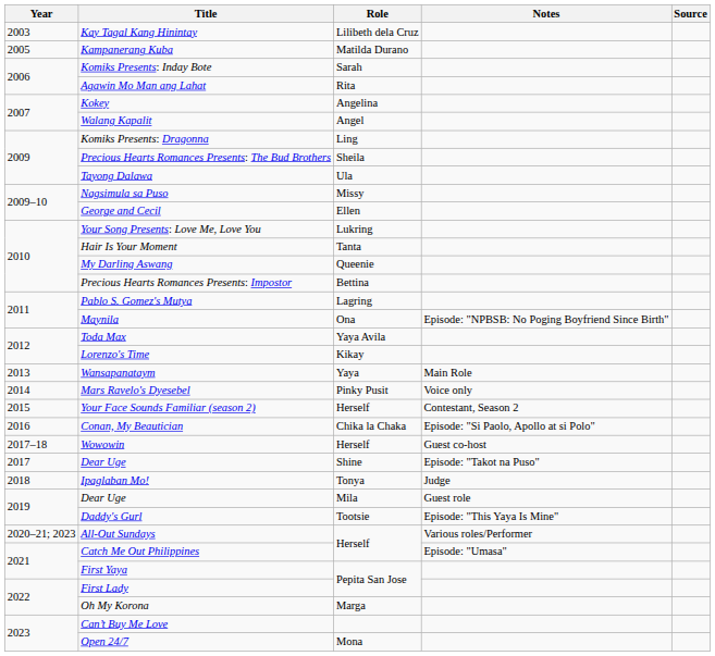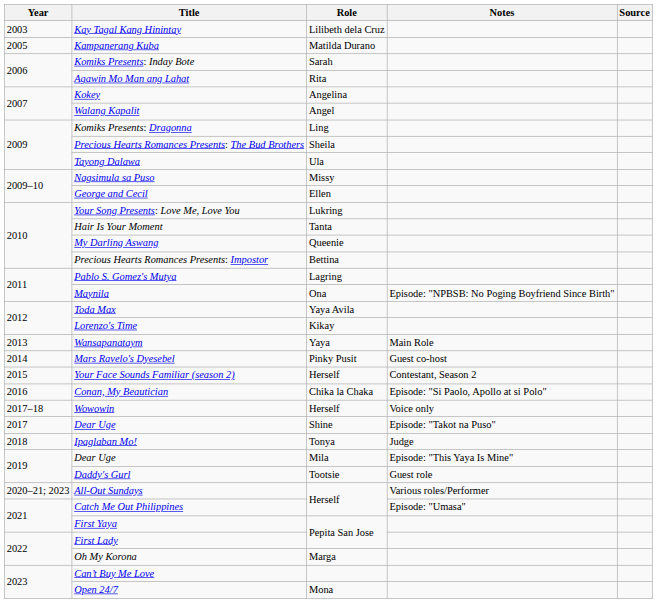 <table class="wikitable sortable" >
 <tr>
 <th>Year</th>
 <th>Title</th>
 <th>Role</th>
 <th class="unsortable">Notes </th>
 <th class="unsortable">Source </th>
 </tr>
 <tr>
 <td>2003</td>
 <td><em><a href='#'>Kay Tagal Kang Hinintay</a></em></td>
 <td>Lilibeth dela Cruz</td>
 <td></td>
 <td></td>
 </tr>
 <tr>
 <td>2005</td>
 <td><em><a href='#'>Kampanerang Kuba</a></em></td>
 <td>Matilda Durano</td>
 <td></td>
 <td></td>
 </tr>
 <tr>
 <td rowspan="2">2006</td>
 <td><em><a href='#'>Komiks Presents</a></em>: <em>Inday Bote</em></td>
 <td>Sarah</td>
 <td></td>
 <td></td>
 </tr>
 <tr>
 <td><em><a href='#'>Agawin Mo Man ang Lahat</a></em></td>
 <td>Rita</td>
 <td></td>
 <td></td>
 </tr>
 <tr>
 <td rowspan="2">2007</td>
 <td><em><a href='#'>Kokey</a></em></td>
 <td>Angelina</td>
 <td></td>
 <td></td>
 </tr>
 <tr>
 <td><em><a href='#'>Walang Kapalit</a></em></td>
 <td>Angel</td>
 <td></td>
 <td></td>
 </tr>
 <tr>
 <td rowspan="3">2009</td>
 <td><em>Komiks Presents</em>: <em><a href='#'>Dragonna</a></em></td>
 <td>Ling</td>
 <td></td>
 <td></td>
 </tr>
 <tr>
 <td><em><a href='#'>Precious Hearts Romances Presents</a></em>: <em><a href='#'>The Bud Brothers</a></em></td>
 <td>Sheila</td>
 <td></td>
 <td></td>
 </tr>
 <tr>
 <td><em><a href='#'>Tayong Dalawa</a></em></td>
 <td>Ula</td>
 <td></td>
 <td></td>
 </tr>
 <tr>
 <td rowspan="2">2009–10</td>
 <td><em><a href='#'>Nagsimula sa Puso</a></em></td>
 <td>Missy</td>
 <td></td>
 <td></td>
 </tr>
 <tr>
 <td><em><a href='#'>George and Cecil</a></em></td>
 <td>Ellen</td>
 <td></td>
 <td></td>
 </tr>
 <tr>
 <td rowspan="4">2010</td>
 <td><em><a href='#'>Your Song Presents</a></em>: <em>Love Me, Love You</em></td>
 <td>Lukring</td>
 <td></td>
 <td></td>
 </tr>
 <tr>
 <td><em>Hair Is Your Moment</em></td>
 <td>Tanta</td>
 <td></td>
 <td></td>
 </tr>
 <tr>
 <td><em><a href='#'>My Darling Aswang</a></em></td>
 <td>Queenie</td>
 <td></td>
 <td></td>
 </tr>
 <tr>
 <td><em>Precious Hearts Romances Presents</em>: <em><a href='#'>Impostor</a></em></td>
 <td>Bettina</td>
 <td></td>
 <td></td>
 </tr>
 <tr>
 <td rowspan="2">2011</td>
 <td><em><a href='#'>Pablo S. Gomez's Mutya</a></em></td>
 <td>Lagring</td>
 <td></td>
 <td></td>
 </tr>
 <tr>
 <td><em><a href='#'>Maynila</a></em></td>
 <td>Ona</td>
 <td>Episode: "NPBSB: No Poging Boyfriend Since Birth"</td>
 <td></td>
 </tr>
 <tr>
 <td rowspan="2">2012</td>
 <td><em><a href='#'>Toda Max</a></em></td>
 <td>Yaya Avila</td>
 <td></td>
 <td></td>
 </tr>
 <tr>
 <td><em><a href='#'>Lorenzo's Time</a></em></td>
 <td>Kikay</td>
 <td></td>
 <td></td>
 </tr>
 <tr>
 <td>2013</td>
 <td><em><a href='#'>Wansapanataym</a></em></td>
 <td>Yaya</td>
 <td>Main Role</td>
 <td></td>
 </tr>
 <tr>
 <td>2014</td>
 <td><em><a href='#'>Mars Ravelo's Dyesebel</a></em></td>
 <td>Pinky Pusit</td>
-<td>Voice only</td>
+<td>Guest co-host</td>
 <td></td>
 </tr>
 <tr>
 <td>2015</td>
 <td><em><a href='#'>Your Face Sounds Familiar (season 2)</a></em></td>
 <td>Herself</td>
 <td>Contestant, Season 2</td>
 <td></td>
 </tr>
 <tr>
 <td>2016</td>
 <td><em><a href='#'>Conan, My Beautician</a></em></td>
 <td>Chika la Chaka</td>
 <td>Episode: "Si Paolo, Apollo at si Polo"</td>
 <td></td>
 </tr>
 <tr>
 <td>2017–18</td>
 <td><em><a href='#'>Wowowin</a></em></td>
 <td>Herself</td>
-<td>Guest co-host</td>
+<td>Voice only</td>
 <td></td>
 </tr>
 <tr>
 <td>2017</td>
 <td><em><a href='#'>Dear Uge</a></em></td>
 <td>Shine</td>
 <td>Episode: "Takot na Puso"</td>
 <td></td>
 </tr>
 <tr>
 <td>2018</td>
 <td><em><a href='#'>Ipaglaban Mo!</a></em></td>
 <td>Tonya</td>
 <td>Judge</td>
 <td></td>
 </tr>
 <tr>
 <td rowspan="2">2019</td>
 <td><em>Dear Uge</em></td>
 <td>Mila</td>
-<td>Guest role</td>
+<td>Episode: "This Yaya Is Mine"</td>
 <td></td>
 </tr>
 <tr>
 <td><em><a href='#'>Daddy's Gurl</a></em></td>
 <td>Tootsie</td>
-<td>Episode: "This Yaya Is Mine"</td>
+<td>Guest role</td>
 <td></td>
 </tr>
 <tr>
 <td>2020–21; 2023</td>
 <td><em><a href='#'>All-Out Sundays</a></em></td>
 <td rowspan="2">Herself</td>
 <td>Various roles/Performer</td>
 <td></td>
 </tr>
 <tr>
 <td rowspan="2">2021</td>
 <td><em><a href='#'>Catch Me Out Philippines</a></em></td>
 <td>Episode: "Umasa"</td>
 <td></td>
 </tr>
 <tr>
 <td><em><a href='#'>First Yaya</a></em></td>
 <td rowspan="2">Pepita San Jose</td>
 <td></td>
 <td></td>
 </tr>
 <tr>
 <td rowspan="2">2022</td>
 <td><em><a href='#'>First Lady</a></em></td>
 <td></td>
 <td></td>
 </tr>
 <tr>
 <td><em>Oh My Korona</em></td>
 <td>Marga</td>
 <td></td>
 <td></td>
 </tr>
 <tr>
 <td rowspan="2">2023</td>
 <td><em><a href='#'>Can’t Buy Me Love</a></em></td>
 <td></td>
 <td></td>
 <td></td>
 </tr>
 <tr>
 <td><a href='#'><em>Open 24/7</em></a></td>
 <td>Mona</td>
 <td></td>
 <td></td>
 </tr>
 </table>
